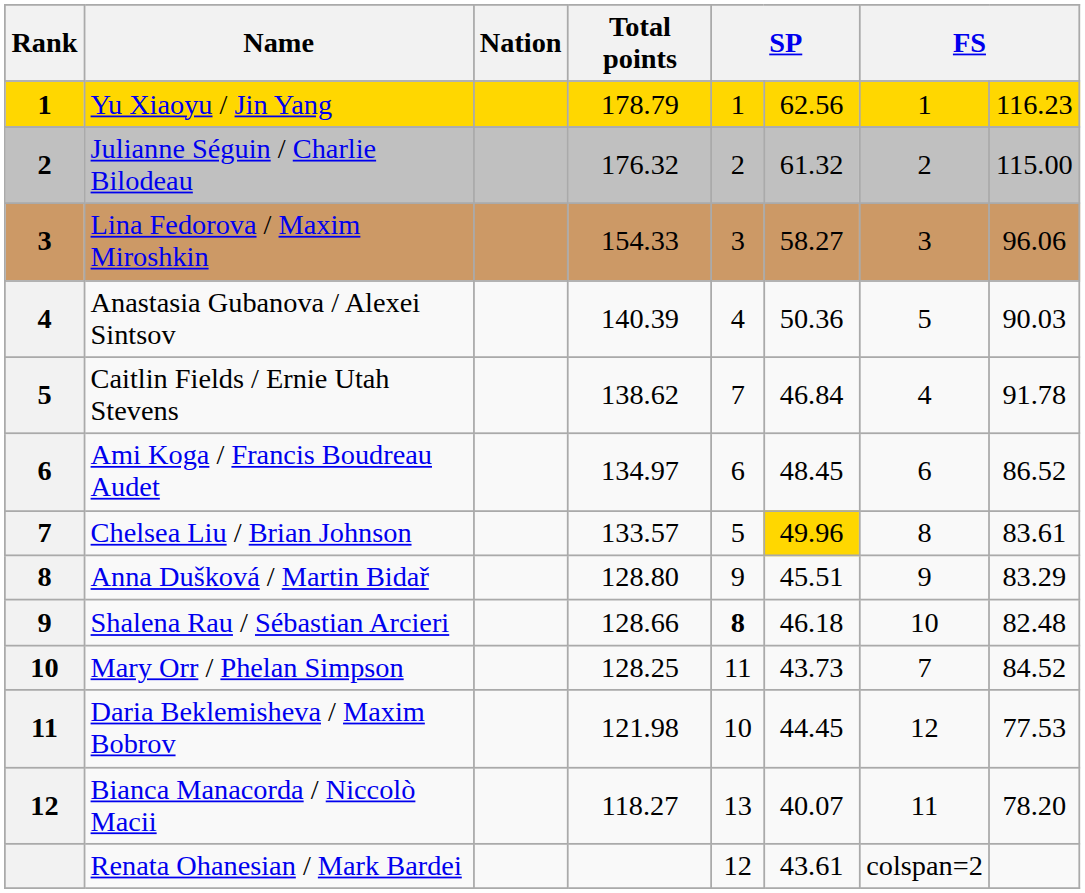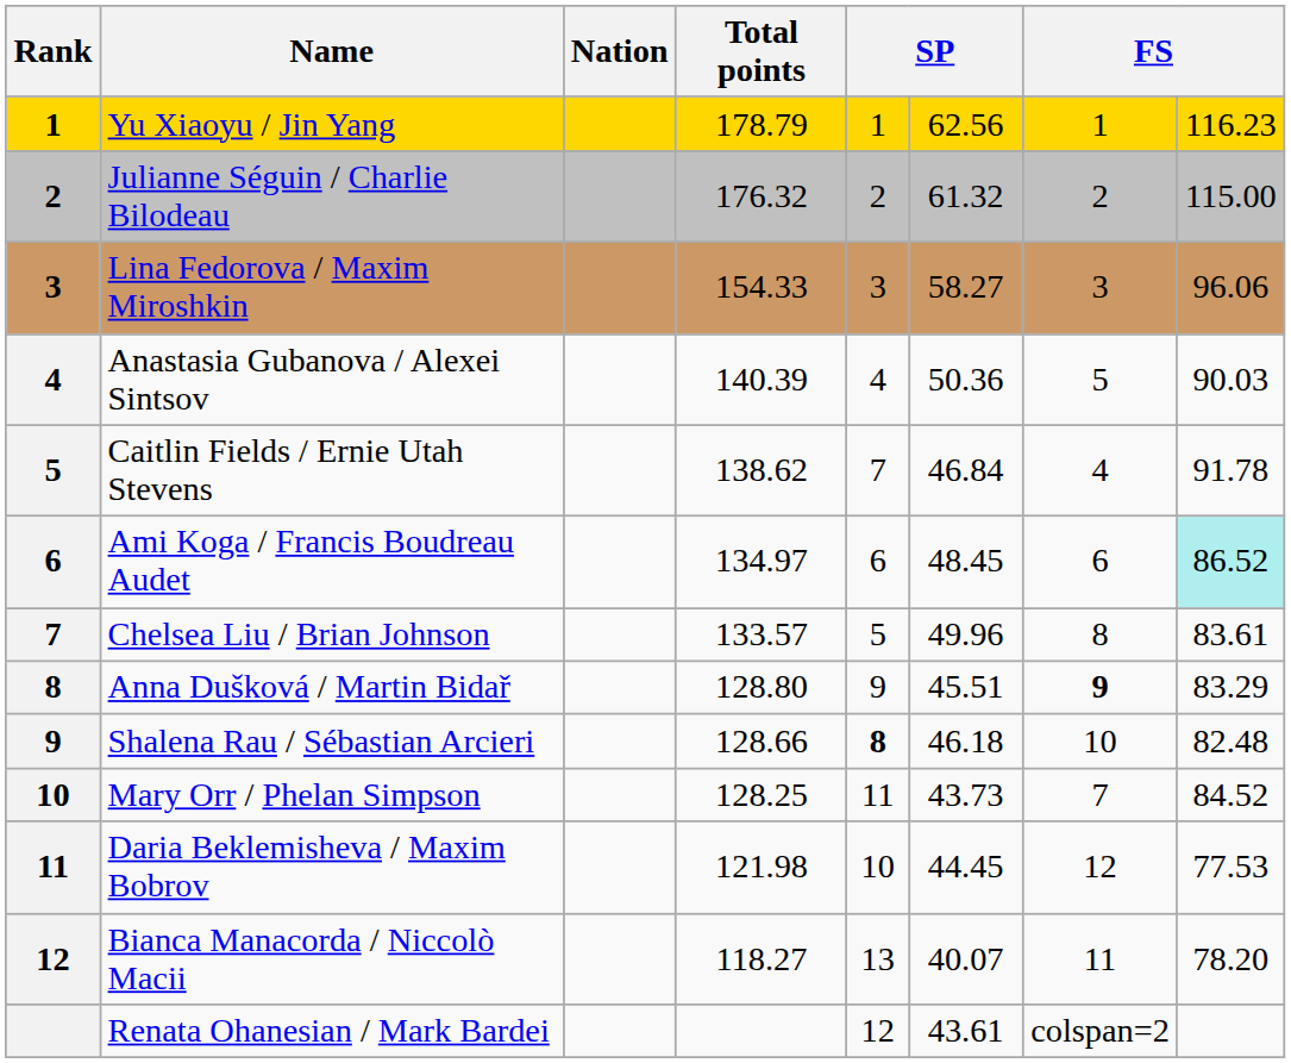 <table class="wikitable sortable">
 <tr>
 <th>Rank</th>
 <th>Name</th>
 <th>Nation</th>
 <th>Total points</th>
 <th colspan="2" width="80px"><a href='#'>SP</a></th>
 <th colspan="2" width="80px"><a href='#'>FS</a></th>
 </tr>
 <tr bgcolor="gold">
 <td align="center"><strong>1</strong></td>
 <td><a href='#'>Yu Xiaoyu</a> / <a href='#'>Jin Yang</a></td>
 <td></td>
 <td align="center">178.79</td>
 <td align="center">1</td>
 <td align="center">62.56</td>
 <td align="center">1</td>
 <td align="center">116.23</td>
 </tr>
 <tr bgcolor="silver">
 <td align="center"><strong>2</strong></td>
 <td><a href='#'>Julianne Séguin</a> / <a href='#'>Charlie Bilodeau</a></td>
 <td></td>
 <td align="center">176.32</td>
 <td align="center">2</td>
 <td align="center">61.32</td>
 <td align="center">2</td>
 <td align="center">115.00</td>
 </tr>
 <tr bgcolor="cc9966">
 <td align="center"><strong>3</strong></td>
 <td><a href='#'>Lina Fedorova</a> / <a href='#'>Maxim Miroshkin</a></td>
 <td></td>
 <td align="center">154.33</td>
 <td align="center">3</td>
 <td align="center">58.27</td>
 <td align="center">3</td>
 <td align="center">96.06</td>
 </tr>
 <tr>
 <th>4</th>
 <td>Anastasia Gubanova / Alexei Sintsov</td>
 <td></td>
 <td align="center">140.39</td>
 <td align="center">4</td>
 <td align="center">50.36</td>
 <td align="center">5</td>
 <td align="center">90.03</td>
 </tr>
 <tr>
 <th>5</th>
 <td>Caitlin Fields / Ernie Utah Stevens</td>
 <td></td>
 <td align="center">138.62</td>
 <td align="center">7</td>
 <td align="center">46.84</td>
 <td align="center">4</td>
 <td align="center">91.78</td>
 </tr>
 <tr>
 <th>6</th>
 <td><a href='#'>Ami Koga</a> / <a href='#'>Francis Boudreau Audet</a></td>
 <td></td>
 <td align="center">134.97</td>
 <td align="center">6</td>
 <td align="center">48.45</td>
 <td align="center">6</td>
-<td align="center">86.52</td>
+<td align="center" style="background: paleturquoise;">86.52</td>
 </tr>
 <tr>
 <th>7</th>
 <td><a href='#'>Chelsea Liu</a> / <a href='#'>Brian Johnson</a></td>
 <td></td>
 <td align="center">133.57</td>
 <td align="center">5</td>
-<td align="center" style="background: gold;">49.96</td>
+<td align="center">49.96</td>
 <td align="center">8</td>
 <td align="center">83.61</td>
 </tr>
 <tr>
 <th>8</th>
 <td><a href='#'>Anna Dušková</a> / <a href='#'>Martin Bidař</a></td>
 <td></td>
 <td align="center">128.80</td>
 <td align="center">9</td>
 <td align="center">45.51</td>
-<td align="center">9</td>
+<td align="center"><strong>9</strong></td>
 <td align="center">83.29</td>
 </tr>
 <tr>
 <th>9</th>
 <td><a href='#'>Shalena Rau</a> / <a href='#'>Sébastian Arcieri</a></td>
 <td></td>
 <td align="center">128.66</td>
 <td align="center"><strong>8</strong></td>
 <td align="center">46.18</td>
 <td align="center">10</td>
 <td align="center">82.48</td>
 </tr>
 <tr>
 <th>10</th>
 <td><a href='#'>Mary Orr</a> / <a href='#'>Phelan Simpson</a></td>
 <td></td>
 <td align="center">128.25</td>
 <td align="center">11</td>
 <td align="center">43.73</td>
 <td align="center">7</td>
 <td align="center">84.52</td>
 </tr>
 <tr>
 <th>11</th>
 <td><a href='#'>Daria Beklemisheva</a> / <a href='#'>Maxim Bobrov</a></td>
 <td></td>
 <td align="center">121.98</td>
 <td align="center">10</td>
 <td align="center">44.45</td>
 <td align="center">12</td>
 <td align="center">77.53</td>
 </tr>
 <tr>
 <th>12</th>
 <td><a href='#'>Bianca Manacorda</a> / <a href='#'>Niccolò Macii</a></td>
 <td></td>
 <td align="center">118.27</td>
 <td align="center">13</td>
 <td align="center">40.07</td>
 <td align="center">11</td>
 <td align="center">78.20</td>
 </tr>
 <tr>
 <th></th>
 <td><a href='#'>Renata Ohanesian</a> / <a href='#'>Mark Bardei</a></td>
 <td></td>
 <td></td>
 <td align="center">12</td>
 <td align="center">43.61</td>
 <td>colspan=2 </td>
 </tr>
 </table>
